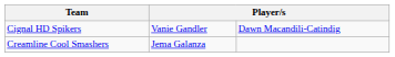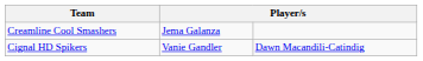 <table class="wikitable" style="width:45%; font-size:90%;">
 <tr>
 <th style="width:30%">Team</th>
 <th style="width:50%" colspan=2>Player/s</th>
 </tr>
 <tr>
+<td><a href='#'>Creamline Cool Smashers</a></td>
+<td><a href='#'>Jema Galanza</a></td>
+<td></td>
+</tr>
+<tr>
 <td><a href='#'>Cignal HD Spikers</a></td>
 <td><a href='#'>Vanie Gandler</a></td>
 <td><a href='#'>Dawn Macandili-Catindig</a></td>
 </tr>
-<tr>
-<td><a href='#'>Creamline Cool Smashers</a></td>
-<td><a href='#'>Jema Galanza</a></td>
-<td></td>
-</tr>
 </table>
